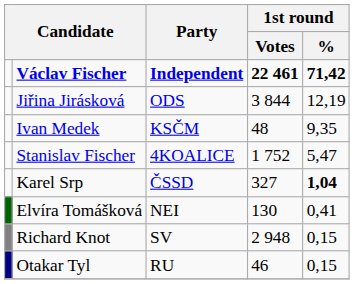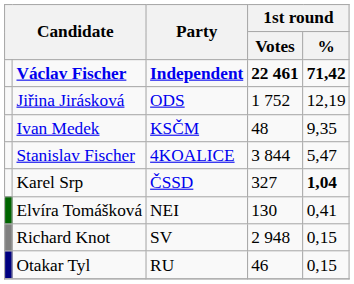 <table class="wikitable sortable">
 <tr>
 <th colspan="2" rowspan="2">Candidate</th>
 <th rowspan="2">Party</th>
 <th colspan="2">1st round</th>
 </tr>
 <tr>
 <th>Votes</th>
 <th>%</th>
 </tr>
 <tr>
 <td style="background-color:"></td>
 <td><strong><a href='#'>Václav Fischer</a></strong></td>
 <td><strong><a href='#'>Independent</a></strong></td>
 <td><strong>22 461</strong></td>
 <td><strong>71,42</strong></td>
 </tr>
 <tr>
 <td style="background-color:"></td>
 <td><a href='#'>Jiřina Jirásková</a></td>
 <td><a href='#'>ODS</a></td>
-<td>3 844</td>
+<td>1 752</td>
 <td>12,19</td>
 </tr>
 <tr>
 <td style="background-color:"></td>
 <td><a href='#'>Ivan Medek</a></td>
 <td><a href='#'>KSČM</a></td>
 <td>48</td>
 <td>9,35</td>
 </tr>
 <tr>
 <td style="background-color:"></td>
 <td><a href='#'>Stanislav Fischer</a></td>
 <td><a href='#'>4KOALICE</a></td>
-<td>1 752</td>
+<td>3 844</td>
 <td>5,47</td>
 </tr>
 <tr>
 <td style="background-color:"></td>
 <td>Karel Srp</td>
 <td><a href='#'>ČSSD</a></td>
 <td>327</td>
 <td><strong>1,04</strong></td>
 </tr>
 <tr>
 <td style="background-color:darkgreen"></td>
 <td>Elvíra Tomášková</td>
 <td>NEI</td>
 <td>130</td>
 <td>0,41</td>
 </tr>
 <tr>
 <td style="background-color:grey"></td>
 <td>Richard Knot</td>
 <td>SV</td>
 <td>2 948</td>
 <td>0,15</td>
 </tr>
 <tr>
 <td style="background-color:navy"></td>
 <td>Otakar Tyl</td>
 <td>RU</td>
 <td>46</td>
 <td>0,15</td>
 </tr>
 <tr>
 </tr>
 </table>
